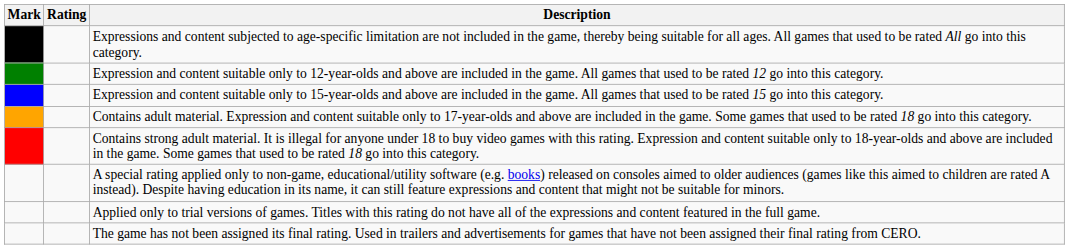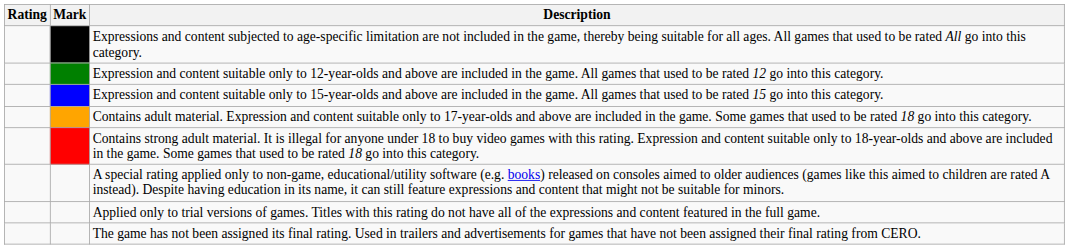 <table class="wikitable">
 <tr>
+<th>Rating</th>
 <th>Mark</th>
-<th>Rating</th>
 <th>Description</th>
 </tr>
 <tr>
+<td></td>
 <td style="background: black"></td>
-<td></td>
 <td>Expressions and content subjected to age-specific limitation are not included in the game, thereby being suitable for all ages. All games that used to be rated <em>All</em> go into this category.</td>
 </tr>
 <tr>
+<td></td>
 <td style="background: green"></td>
-<td></td>
 <td>Expression and content suitable only to 12-year-olds and above are included in the game. All games that used to be rated <em>12</em> go into this category.</td>
 </tr>
 <tr>
+<td></td>
 <td style="background: blue"></td>
-<td></td>
 <td>Expression and content suitable only to 15-year-olds and above are included in the game. All games that used to be rated <em>15</em> go into this category.</td>
 </tr>
 <tr>
+<td></td>
 <td style="background: orange"></td>
-<td></td>
 <td>Contains adult material. Expression and content suitable only to 17-year-olds and above are included in the game. Some games that used to be rated <em>18</em> go into this category.</td>
 </tr>
 <tr>
+<td></td>
 <td style="background: red"></td>
-<td></td>
 <td>Contains strong adult material. It is illegal for anyone under 18 to buy video games with this rating. Expression and content suitable only to 18-year-olds and above are included in the game. Some games that used to be rated <em>18</em> go into this category.</td>
 </tr>
 <tr>
 <td></td>
 <td></td>
 <td>A special rating applied only to non-game, educational/utility software (e.g. <a href='#'>books</a>) released on consoles aimed to older audiences (games like this aimed to children are rated A instead). Despite having education in its name, it can still feature expressions and content that might not be suitable for minors.</td>
 </tr>
 <tr>
 <td></td>
 <td></td>
 <td>Applied only to trial versions of games. Titles with this rating do not have all of the expressions and content featured in the full game.</td>
 </tr>
 <tr>
 <td></td>
 <td></td>
 <td>The game has not been assigned its final rating. Used in trailers and advertisements for games that have not been assigned their final rating from CERO.</td>
 </tr>
 </table>
